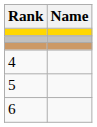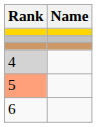 <table class="wikitable">
 <tr>
 <th>Rank</th>
 <th>Name</th>
 </tr>
 <tr style="background:gold;">
 <td></td>
 <td></td>
 </tr>
 <tr style="background:silver;">
 <td></td>
 <td></td>
 </tr>
 <tr style="background:#CC9966;">
 <td></td>
 <td></td>
 </tr>
 <tr>
-<td>4</td>
+<td style="background: lightgrey;">4</td>
 <td></td>
 </tr>
 <tr>
-<td>5</td>
+<td style="background: lightsalmon;">5</td>
 <td></td>
 </tr>
 <tr>
 <td>6</td>
 <td></td>
 </tr>
 </table>
